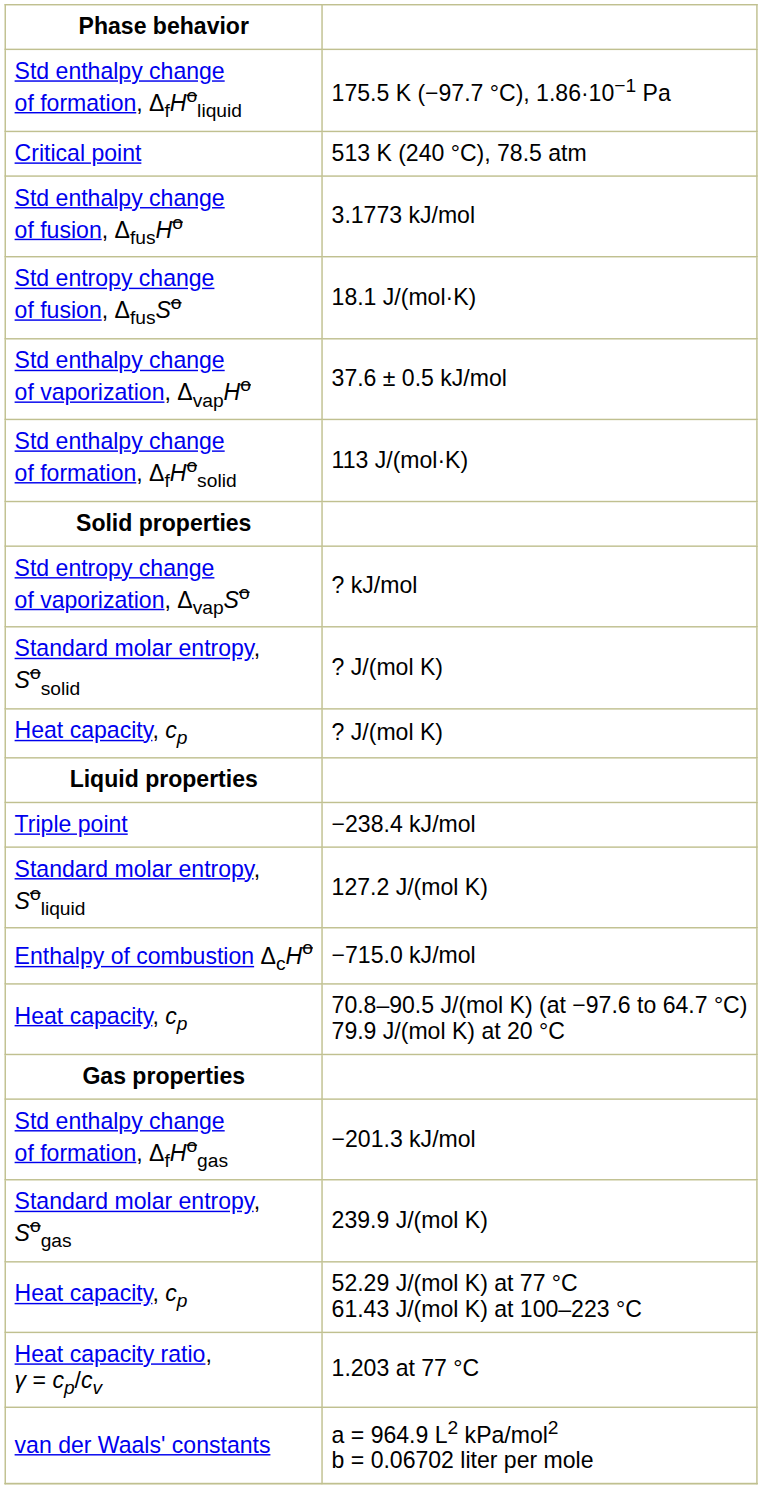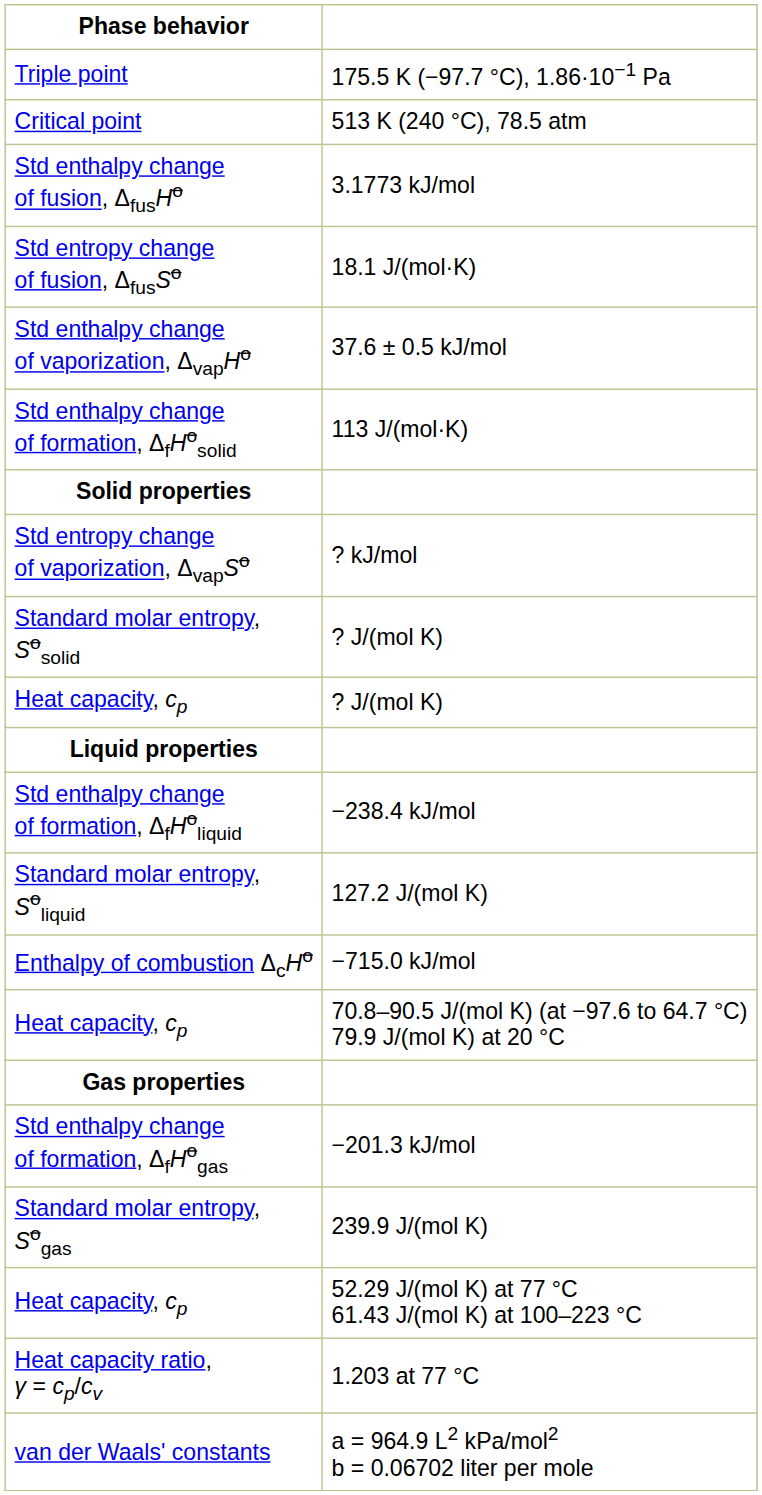 <table border="1" cellspacing="0" cellpadding="6" style="margin: 0 0 0 0.5em; background: #FFFFFF; border-collapse: collapse; border-color: #C0C090;">
 <tr>
 <th>Phase behavior</th>
 </tr>
 <tr>
-<td><a href='#'>Std enthalpy change<br>of formation</a>, Δ<sub>f</sub><em>H</em><sup><s>o</s></sup><sub>liquid</sub></td>
+<td><a href='#'>Triple point</a></td>
 <td>175.5 K (−97.7 °C), 1.86·10<sup>−1</sup> Pa</td>
 </tr>
 <tr>
 <td><a href='#'>Critical point</a></td>
 <td>513 K (240 °C), 78.5 atm</td>
 </tr>
 <tr>
 <td><a href='#'>Std enthalpy change<br>of fusion</a>, Δ<sub>fus</sub><em>H</em><sup><s>o</s></sup></td>
 <td>3.1773 kJ/mol</td>
 </tr>
 <tr>
 <td><a href='#'>Std entropy change<br>of fusion</a>, Δ<sub>fus</sub><em>S</em><sup><s>o</s></sup></td>
 <td>18.1 J/(mol·K)</td>
 </tr>
 <tr>
 <td><a href='#'>Std enthalpy change<br>of vaporization</a>, Δ<sub>vap</sub><em>H</em><sup><s>o</s></sup></td>
 <td>37.6 ± 0.5 kJ/mol</td>
 </tr>
 <tr>
 <td><a href='#'>Std enthalpy change<br>of formation</a>, Δ<sub>f</sub><em>H</em><sup><s>o</s></sup><sub>solid</sub></td>
 <td>113 J/(mol·K)</td>
 </tr>
 <tr>
 <th>Solid properties</th>
 </tr>
 <tr>
 <td><a href='#'>Std entropy change<br>of vaporization</a>, Δ<sub>vap</sub><em>S</em><sup><s>o</s></sup></td>
 <td>? kJ/mol</td>
 </tr>
 <tr>
 <td><a href='#'>Standard molar entropy</a>,<br><em>S</em><sup><s>o</s></sup><sub>solid</sub></td>
 <td>? J/(mol K)</td>
 </tr>
 <tr>
 <td><a href='#'>Heat capacity</a>, <em>c<sub>p</sub></em></td>
 <td>? J/(mol K)</td>
 </tr>
 <tr>
 <th>Liquid properties</th>
 </tr>
 <tr>
-<td><a href='#'>Triple point</a></td>
+<td><a href='#'>Std enthalpy change<br>of formation</a>, Δ<sub>f</sub><em>H</em><sup><s>o</s></sup><sub>liquid</sub></td>
 <td>−238.4 kJ/mol</td>
 </tr>
 <tr>
 <td><a href='#'>Standard molar entropy</a>,<br><em>S</em><sup><s>o</s></sup><sub>liquid</sub></td>
 <td>127.2 J/(mol K)</td>
 </tr>
 <tr>
 <td><a href='#'>Enthalpy of combustion</a> Δ<sub>c</sub><em>H</em><sup><s>o</s></sup></td>
 <td>−715.0 kJ/mol</td>
 </tr>
 <tr>
 <td><a href='#'>Heat capacity</a>, <em>c<sub>p</sub></em></td>
 <td>70.8–90.5 J/(mol K) (at −97.6 to 64.7 °C)<br>79.9 J/(mol K) at 20 °C</td>
 </tr>
 <tr>
 <th>Gas properties</th>
 </tr>
 <tr>
 <td><a href='#'>Std enthalpy change<br>of formation</a>, Δ<sub>f</sub><em>H</em><sup><s>o</s></sup><sub>gas</sub></td>
 <td>−201.3 kJ/mol</td>
 </tr>
 <tr>
 <td><a href='#'>Standard molar entropy</a>,<br><em>S</em><sup><s>o</s></sup><sub>gas</sub></td>
 <td>239.9 J/(mol K)</td>
 </tr>
 <tr>
 <td><a href='#'>Heat capacity</a>, <em>c<sub>p</sub></em></td>
 <td>52.29 J/(mol K) at 77 °C<br>61.43 J/(mol K) at 100–223 °C</td>
 </tr>
 <tr>
 <td><a href='#'>Heat capacity ratio</a>,<br> <em>γ</em> = <em>c<sub>p</sub></em>/<em>c<sub>v</sub></em></td>
 <td>1.203 at 77 °C</td>
 </tr>
 <tr>
 <td><a href='#'>van der Waals' constants</a></td>
 <td>a = 964.9 L<sup>2</sup> kPa/mol<sup>2</sup><br> b = 0.06702 liter per mole</td>
 </tr>
 <tr>
 </tr>
 </table>
